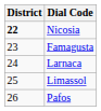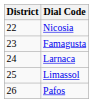 <table class="wikitable">
 <tr>
 <th>District</th>
 <th>Dial Code</th>
 </tr>
 <tr>
-<td><strong>22</strong></td>
+<td>22</td>
 <td><a href='#'>Nicosia</a></td>
 </tr>
 <tr>
 <td>23</td>
 <td><a href='#'>Famagusta</a></td>
 </tr>
 <tr>
 <td>24</td>
 <td><a href='#'>Larnaca</a></td>
 </tr>
 <tr>
 <td>25</td>
 <td><a href='#'>Limassol</a></td>
 </tr>
 <tr>
 <td>26</td>
 <td><a href='#'>Pafos</a></td>
 </tr>
 </table>
